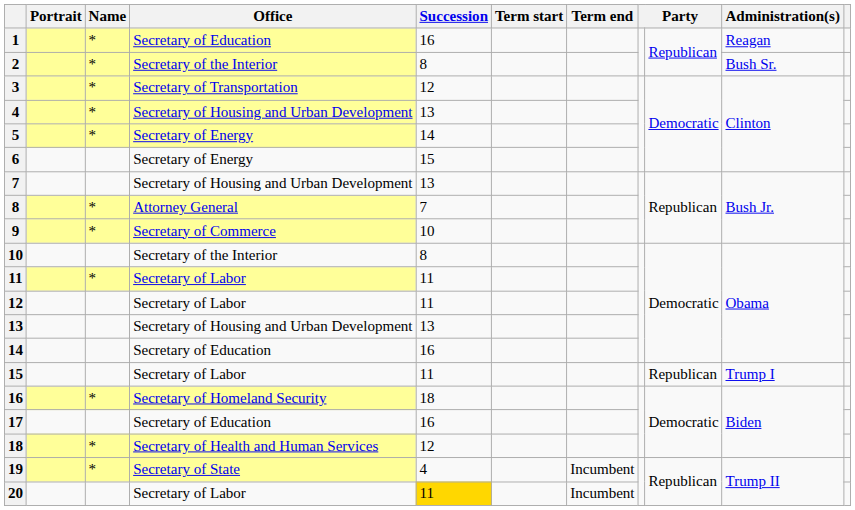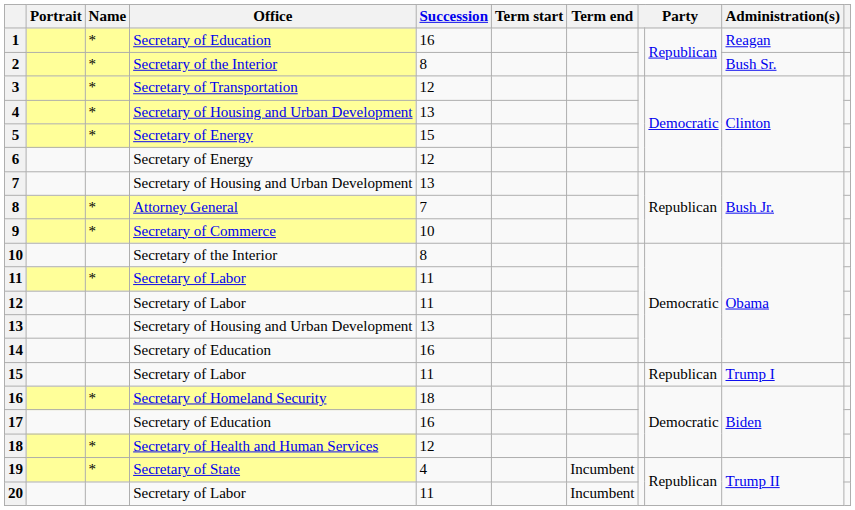 <table class="wikitable sortable">
 <tr>
 <th scope="col"></th>
 <th scope="col">Portrait</th>
 <th scope="col">Name</th>
 <th scope="col">Office</th>
 <th scope="col"><a href='#'>Succession</a></th>
 <th scope="col">Term start</th>
 <th scope="col">Term end</th>
 <th scope="col" colspan=2>Party</th>
 <th scope="col">Administration(s)</th>
 <th scope="col" class="unsortable"></th>
 </tr>
 <tr>
 <th scope="row" rowspan=2>1</th>
 <td bgcolor="#FFFF99" rowspan=2 data-sort-value="Cavazos, Lauro"></td>
 <td bgcolor="#FFFF99" rowspan=2>*</td>
 <td bgcolor="#FFFF99" rowspan=2><a href='#'>Secretary of Education</a></td>
 <td rowspan=2>16</td>
 <td rowspan=2></td>
 <td rowspan=2></td>
 <td rowspan=3 style="background-color:"></td>
 <td rowspan=3><a href='#'>Republican</a></td>
 <td><a href='#'>Reagan</a></td>
 <td align="center" rowspan=2></td>
 </tr>
 <tr>
 <td rowspan=2><a href='#'>Bush Sr.</a></td>
 </tr>
 <tr>
 <th scope="row">2</th>
 <td bgcolor="#FFFF99" data-sort-value="Lujan, Manual, Jr."></td>
 <td bgcolor="#FFFF99">*</td>
 <td bgcolor="#FFFF99"><a href='#'>Secretary of the Interior</a></td>
 <td>8</td>
 <td></td>
 <td></td>
 <td align="center"></td>
 </tr>
 <tr>
 <th scope="row">3</th>
 <td bgcolor="#FFFF99" data-sort-value="Peña, Federico"></td>
 <td bgcolor="#FFFF99">*</td>
 <td bgcolor="#FFFF99"><a href='#'>Secretary of Transportation</a></td>
 <td>12</td>
 <td></td>
 <td></td>
 <td rowspan=4 style="background-color:"></td>
 <td rowspan=4><a href='#'>Democratic</a></td>
 <td rowspan=4><a href='#'>Clinton</a></td>
 <td align="center"></td>
 </tr>
 <tr>
 <th scope="row">4</th>
 <td bgcolor="#FFFF99" data-sort-value="Cisneros, Henry"></td>
 <td bgcolor="#FFFF99">*</td>
 <td bgcolor="#FFFF99"><a href='#'>Secretary of Housing and Urban Development</a></td>
 <td>13</td>
 <td></td>
 <td></td>
 <td align="center"></td>
 </tr>
 <tr>
 <th scope="row">5</th>
 <td bgcolor="#FFFF99" data-sort-value="Peña, Federico"></td>
 <td bgcolor="#FFFF99">*</td>
 <td bgcolor="#FFFF99"><a href='#'>Secretary of Energy</a></td>
-<td>14</td>
+<td>15</td>
 <td></td>
 <td></td>
 <td align="center"></td>
 </tr>
 <tr>
 <th scope="row">6</th>
 <td data-sort-value="Richardson, Bill"></td>
 <td></td>
 <td>Secretary of Energy</td>
-<td>15</td>
+<td>12</td>
 <td></td>
 <td></td>
 <td align="center"></td>
 </tr>
 <tr>
 <th scope="row">7</th>
 <td data-sort-value="Martínez, Mel"></td>
 <td></td>
 <td>Secretary of Housing and Urban Development</td>
 <td>13</td>
 <td></td>
 <td></td>
 <td rowspan=3 style="background-color:"></td>
 <td rowspan=3>Republican</td>
 <td rowspan=3><a href='#'>Bush Jr.</a></td>
 <td align="center"></td>
 </tr>
 <tr>
 <th scope="row">8</th>
 <td bgcolor="#FFFF99" data-sort-value="Gonzales, Alberto"></td>
 <td bgcolor="#FFFF99">*</td>
 <td bgcolor="#FFFF99"><a href='#'>Attorney General</a></td>
 <td>7</td>
 <td></td>
 <td></td>
 <td align="center"></td>
 </tr>
 <tr>
 <th scope="row">9</th>
 <td bgcolor="#FFFF99" data-sort-value="Gutierrez, Carlos"></td>
 <td bgcolor="#FFFF99">*</td>
 <td bgcolor="#FFFF99"><a href='#'>Secretary of Commerce</a></td>
 <td>10</td>
 <td></td>
 <td></td>
 <td align="center"></td>
 </tr>
 <tr>
 <th scope="row">10</th>
 <td data-sort-value="Salazar, Ken"></td>
 <td></td>
 <td>Secretary of the Interior</td>
 <td>8</td>
 <td></td>
 <td></td>
 <td rowspan=5 style="background-color:"></td>
 <td rowspan=5>Democratic</td>
 <td rowspan=5><a href='#'>Obama</a></td>
 <td align="center"></td>
 </tr>
 <tr>
 <th scope="row">11</th>
 <td bgcolor="#FFFF99" data-sort-value="Solis, Hilda"></td>
 <td bgcolor="#FFFF99">*</td>
 <td bgcolor="#FFFF99"><a href='#'>Secretary of Labor</a></td>
 <td>11</td>
 <td></td>
 <td></td>
 <td align="center"></td>
 </tr>
 <tr>
 <th scope="row">12</th>
 <td data-sort-value="Perez, Tom"></td>
 <td></td>
 <td>Secretary of Labor</td>
 <td>11</td>
 <td></td>
 <td></td>
 <td align="center"></td>
 </tr>
 <tr>
 <th scope="row">13</th>
 <td data-sort-value="Castro, Julian"></td>
 <td></td>
 <td>Secretary of Housing and Urban Development</td>
 <td>13</td>
 <td></td>
 <td></td>
 <td align="center"></td>
 </tr>
 <tr>
 <th scope="row">14</th>
 <td data-sort-value="King, John, Jr."></td>
 <td></td>
 <td>Secretary of Education</td>
 <td>16</td>
 <td></td>
 <td></td>
 <td align="center"></td>
 </tr>
 <tr>
 <th scope="row">15</th>
 <td data-sort-value="Acosta, Alexander"></td>
 <td></td>
 <td>Secretary of Labor</td>
 <td>11</td>
 <td></td>
 <td></td>
 <td style="background-color:"></td>
 <td>Republican</td>
 <td><a href='#'>Trump I</a></td>
 <td align="center"></td>
 </tr>
 <tr>
 <th scope="row">16</th>
 <td bgcolor="#FFFF99" data-sort-value="Mayorkas, Alejandro"></td>
 <td bgcolor="#FFFF99">*</td>
 <td bgcolor="#FFFF99"><a href='#'>Secretary of Homeland Security</a></td>
 <td>18</td>
 <td></td>
 <td></td>
 <td rowspan=3 style="background-color:"></td>
 <td rowspan=3>Democratic</td>
 <td rowspan=3><a href='#'>Biden</a></td>
 <td align="center"></td>
 </tr>
 <tr>
 <th scope="row">17</th>
 <td data-sort-value="Cardona, Miguel"></td>
 <td></td>
 <td>Secretary of Education</td>
 <td>16</td>
 <td></td>
 <td></td>
 <td align="center"></td>
 </tr>
 <tr>
 <th scope="row">18</th>
 <td bgcolor="#FFFF99" data-sort-value="Becerra, Xavier"></td>
 <td bgcolor="#FFFF99">*</td>
 <td bgcolor="#FFFF99"><a href='#'>Secretary of Health and Human Services</a></td>
 <td>12</td>
 <td></td>
 <td></td>
 <td align="center"></td>
 </tr>
 <tr>
 <th scope="row">19</th>
 <td bgcolor="#FFFF99" data-sort-value="Rubio, Marco"></td>
 <td bgcolor="#FFFF99">*</td>
 <td bgcolor="#FFFF99"><a href='#'>Secretary of State</a></td>
 <td>4</td>
 <td></td>
 <td>Incumbent</td>
 <td rowspan=2 style="background-color:"></td>
 <td rowspan=2>Republican</td>
 <td rowspan=2><a href='#'>Trump II</a></td>
 <td align="center"></td>
 </tr>
 <tr>
 <th scope="row">20</th>
 <td data-sort-value="Chavez-DeRemer, Lori"></td>
 <td></td>
 <td>Secretary of Labor</td>
-<td style="background: gold;">11</td>
+<td>11</td>
 <td></td>
 <td>Incumbent</td>
 <td align="center"></td>
 </tr>
 </table>
